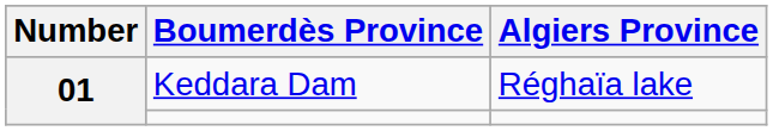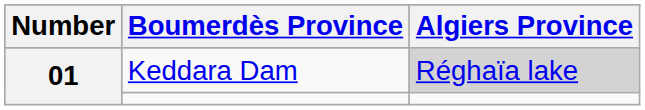 <table class="wikitable sortable">
 <tr>
 <th>Number</th>
 <th><a href='#'>Boumerdès Province</a></th>
 <th><a href='#'>Algiers Province</a></th>
 </tr>
 <tr>
 <th rowspan="2">01</th>
 <td><a href='#'>Keddara Dam</a></td>
-<td><a href='#'>Réghaïa lake</a></td>
+<td style="background: lightgrey;"><a href='#'>Réghaïa lake</a></td>
 </tr>
 <tr>
 <td></td>
 <td></td>
 </tr>
 </table>
